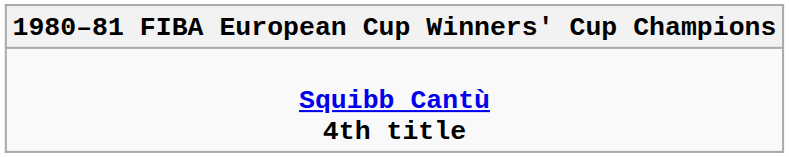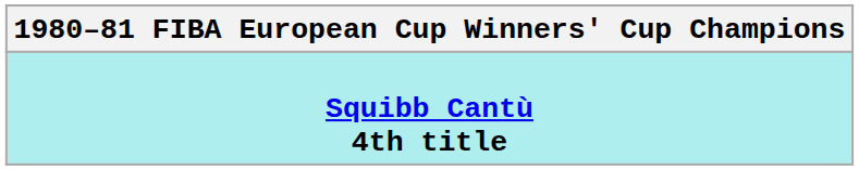 <table class=wikitable style="text-align:center; margin:auto">
 <tr>
 <th>1980–81 FIBA European Cup Winners' Cup Champions</th>
 </tr>
 <tr>
-<td><br> <strong><a href='#'>Squibb Cantù</a></strong> <br> <strong>4th title</strong></td>
+<td style="background: paleturquoise;"><br> <strong><a href='#'>Squibb Cantù</a></strong> <br> <strong>4th title</strong></td>
 </tr>
 </table>
